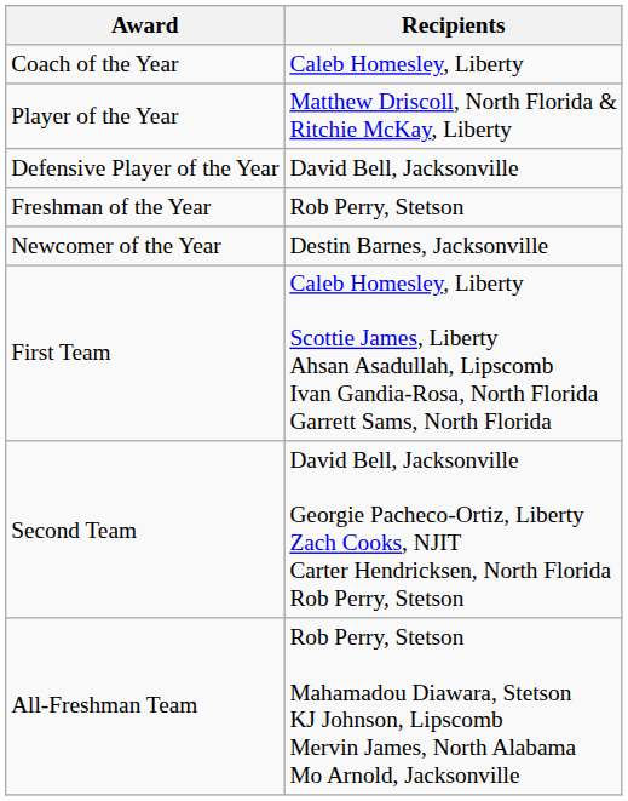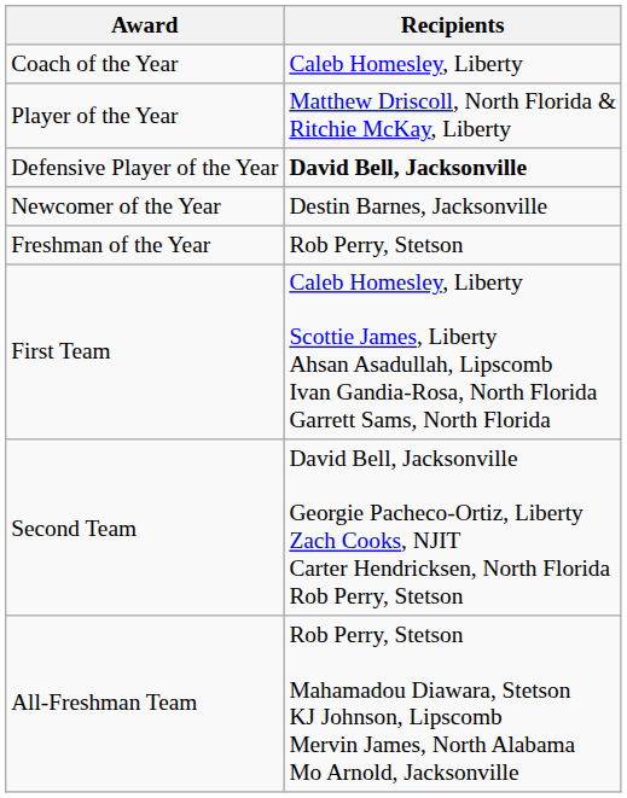 <table class="wikitable" style="white-space:nowrap; font-size:90%;">
 <tr>
 <th>Award</th>
 <th>Recipients</th>
 </tr>
 <tr>
 <td>Coach of the Year</td>
 <td><a href='#'>Caleb Homesley</a>, Liberty</td>
 </tr>
 <tr>
 <td>Player of the Year</td>
 <td><a href='#'>Matthew Driscoll</a>, North Florida &<br><a href='#'>Ritchie McKay</a>, Liberty</td>
 </tr>
 <tr>
 <td>Defensive Player of the Year</td>
-<td>David Bell, Jacksonville</td>
+<td><strong>David Bell, Jacksonville</strong></td>
+</tr>
+<tr>
+<td>Newcomer of the Year</td>
+<td>Destin Barnes, Jacksonville</td>
 </tr>
 <tr>
 <td>Freshman of the Year</td>
 <td>Rob Perry, Stetson</td>
-</tr>
-<tr>
-<td>Newcomer of the Year</td>
-<td>Destin Barnes, Jacksonville</td>
 </tr>
 <tr>
 <td>First Team</td>
 <td><a href='#'>Caleb Homesley</a>, Liberty<br><br><a href='#'>Scottie James</a>, Liberty<br> Ahsan Asadullah, Lipscomb<br> Ivan Gandia-Rosa, North Florida<br> Garrett Sams, North Florida</td>
 </tr>
 <tr>
 <td>Second Team</td>
 <td>David Bell, Jacksonville<br><br>Georgie Pacheco-Ortiz, Liberty<br> <a href='#'>Zach Cooks</a>, NJIT<br> Carter Hendricksen, North Florida<br> Rob Perry, Stetson</td>
 </tr>
 <tr>
 <td>All-Freshman Team</td>
 <td>Rob Perry, Stetson<br><br>Mahamadou Diawara, Stetson<br> KJ Johnson, Lipscomb<br> Mervin James, North Alabama<br> Mo Arnold, Jacksonville</td>
 </tr>
 </table>
